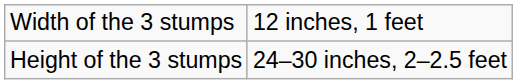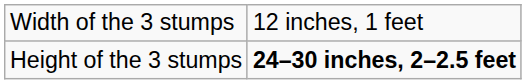 <table class="wikitable">
 <tr>
 <td>Width of the 3 stumps</td>
 <td>12 inches, 1 feet</td>
 </tr>
 <tr>
 <td>Height of the 3 stumps</td>
-<td>24–30 inches, 2–2.5 feet</td>
+<td><strong>24–30 inches, 2–2.5 feet</strong></td>
 </tr>
 </table>
